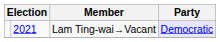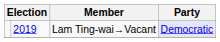 <table class="wikitable">
 <tr>
 <th colspan="2">Election</th>
 <th>Member</th>
 <th>Party</th>
 </tr>
 <tr>
 <td style="color:inherit;background:"></td>
-<td><a href='#'>2021</a></td>
+<td><a href='#'>2019</a></td>
 <td>Lam Ting-wai→Vacant</td>
 <td style="background: lavender;"><a href='#'>Democratic</a></td>
 </tr>
 <tr>
 </tr>
 </table>
